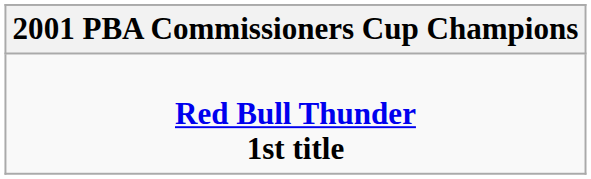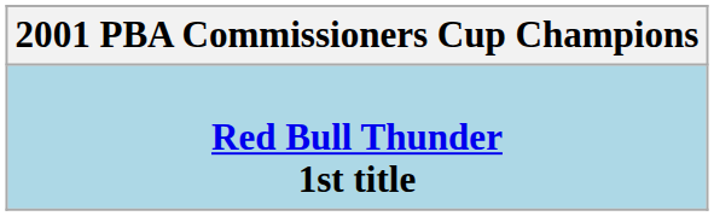 <table class=wikitable style="text-align:center; margin:auto">
 <tr>
 <th>2001 PBA Commissioners Cup Champions</th>
 </tr>
 <tr>
-<td><br> <strong><a href='#'>Red Bull Thunder</a></strong> <br> <strong>1st title</strong></td>
+<td style="background: lightblue;"><br> <strong><a href='#'>Red Bull Thunder</a></strong> <br> <strong>1st title</strong></td>
 </tr>
 </table>
